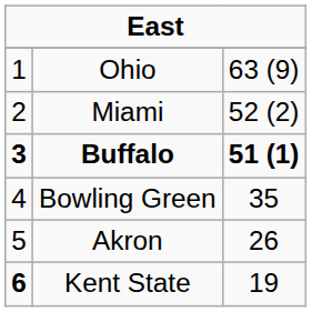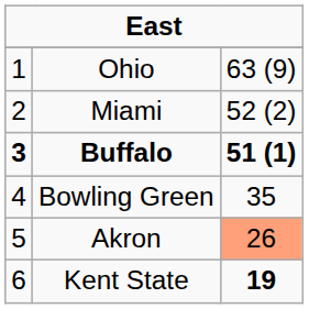 <table class="wikitable" style="display: inline-table;">
 <tr align="center">
 <td align="center" Colspan="3"><strong>East</strong></td>
 </tr>
 <tr align="center">
 </tr>
 <tr align="center">
 <td>1</td>
 <td>Ohio</td>
 <td>63 (9)</td>
 </tr>
 <tr align="center">
 <td>2</td>
 <td>Miami</td>
 <td>52 (2)</td>
 </tr>
 <tr align="center">
 <td><strong>3</strong></td>
 <td><strong>Buffalo</strong></td>
 <td><strong>51 (1)</strong></td>
 </tr>
 <tr align="center">
 <td>4</td>
 <td>Bowling Green</td>
 <td>35</td>
 </tr>
 <tr align="center">
 <td>5</td>
 <td>Akron</td>
-<td>26</td>
+<td style="background: lightsalmon;">26</td>
 </tr>
 <tr align="center">
-<td><strong>6</strong></td>
+<td>6</td>
 <td>Kent State</td>
-<td>19</td>
+<td><strong>19</strong></td>
 </tr>
 </table>
